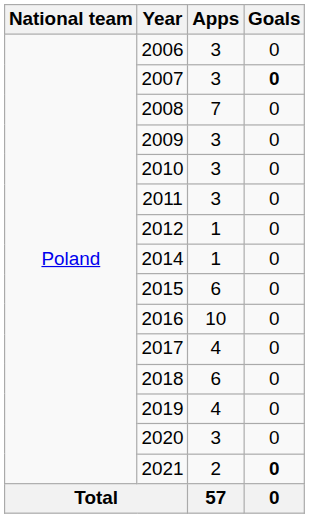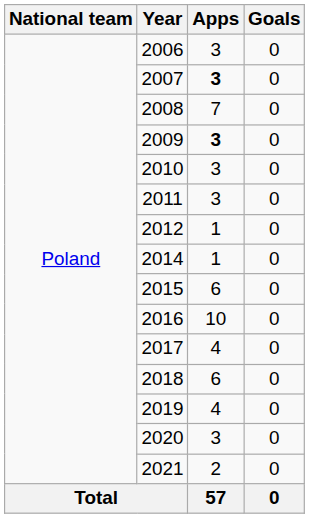 <table class=wikitable style=text-align:center>
 <tr>
 <th>National team</th>
 <th>Year</th>
 <th>Apps</th>
 <th>Goals</th>
 </tr>
 <tr>
 <td rowspan=15><a href='#'>Poland</a></td>
 <td>2006</td>
 <td>3</td>
 <td>0</td>
 </tr>
 <tr>
 <td>2007</td>
-<td>3</td>
-<td><strong>0</strong></td>
+<td><strong>3</strong></td>
+<td>0</td>
 </tr>
 <tr>
 <td>2008</td>
 <td>7</td>
 <td>0</td>
 </tr>
 <tr>
 <td>2009</td>
-<td>3</td>
+<td><strong>3</strong></td>
 <td>0</td>
 </tr>
 <tr>
 <td>2010</td>
 <td>3</td>
 <td>0</td>
 </tr>
 <tr>
 <td>2011</td>
 <td>3</td>
 <td>0</td>
 </tr>
 <tr>
 <td>2012</td>
 <td>1</td>
 <td>0</td>
 </tr>
 <tr>
 <td>2014</td>
 <td>1</td>
 <td>0</td>
 </tr>
 <tr>
 <td>2015</td>
 <td>6</td>
 <td>0</td>
 </tr>
 <tr>
 <td>2016</td>
 <td>10</td>
 <td>0</td>
 </tr>
 <tr>
 <td>2017</td>
 <td>4</td>
 <td>0</td>
 </tr>
 <tr>
 <td>2018</td>
 <td>6</td>
 <td>0</td>
 </tr>
 <tr>
 <td>2019</td>
 <td>4</td>
 <td>0</td>
 </tr>
 <tr>
 <td>2020</td>
 <td>3</td>
 <td>0</td>
 </tr>
 <tr>
 <td>2021</td>
 <td>2</td>
-<td><strong>0</strong></td>
+<td>0</td>
 </tr>
 <tr>
 <th colspan=2>Total</th>
 <th>57</th>
 <th>0</th>
 </tr>
 </table>
